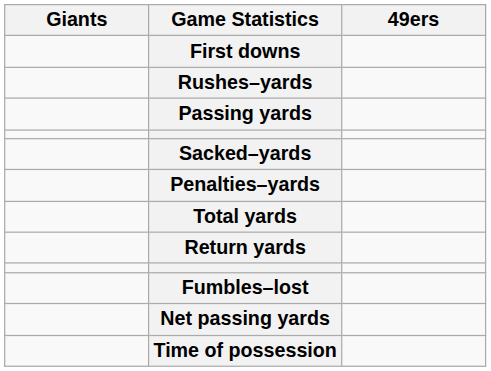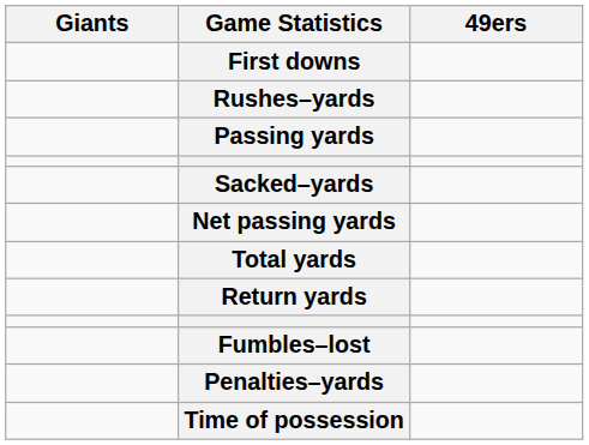 <table class="wikitable" style="margin: 1em auto 1em auto">
 <tr>
 <th style="width:30%;">Giants</th>
 <th style="width:40%;">Game Statistics</th>
 <th style="width:30%;">49ers</th>
 </tr>
 <tr>
 <td style="text-align:right;"></td>
 <th>First downs</th>
 <td></td>
 </tr>
 <tr>
 <td style="text-align:right;"></td>
 <th>Rushes–yards</th>
 <td></td>
 </tr>
 <tr>
 <td style="text-align:right;"></td>
 <th>Passing yards</th>
 <td></td>
 </tr>
 <tr>
 <td style="text-align:right;"></td>
 <th></th>
 <td></td>
 </tr>
 <tr>
 <td style="text-align:right;"></td>
 <th>Sacked–yards</th>
 <td></td>
 </tr>
 <tr>
 <td style="text-align:right;"></td>
-<th>Penalties–yards</th>
+<th>Net passing yards</th>
 <td></td>
 </tr>
 <tr>
 <td style="text-align:right;"></td>
 <th>Total yards</th>
 <td></td>
 </tr>
 <tr>
 <td style="text-align:right;"></td>
 <th>Return yards</th>
 <td></td>
 </tr>
 <tr>
 <td style="text-align:right;"></td>
 <th></th>
 <td></td>
 </tr>
 <tr>
 <td style="text-align:right;"></td>
 <th>Fumbles–lost</th>
 <td></td>
 </tr>
 <tr>
 <td style="text-align:right;"></td>
-<th>Net passing yards</th>
+<th>Penalties–yards</th>
 <td></td>
 </tr>
 <tr>
 <td style="text-align:right;"></td>
 <th>Time of possession</th>
 <td></td>
 </tr>
 </table>
